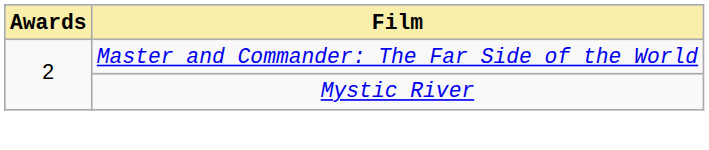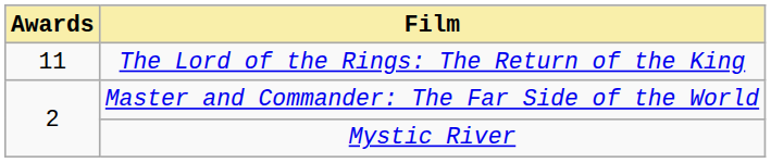 <table class="wikitable plainrowheaders" style="text-align: center;">
 <tr>
 <th style="background-color:#F9EFAA;">Awards</th>
 <th style="background-color:#F9EFAA;">Film</th>
+</tr>
+<tr>
+<td>11</td>
+<td><em><a href='#'>The Lord of the Rings: The Return of the King</a></em></td>
 </tr>
 <tr>
 <td rowspan=2>2</td>
 <td><em><a href='#'>Master and Commander: The Far Side of the World</a></em></td>
 </tr>
 <tr>
 <td><em><a href='#'>Mystic River</a></em></td>
 </tr>
 </table>
